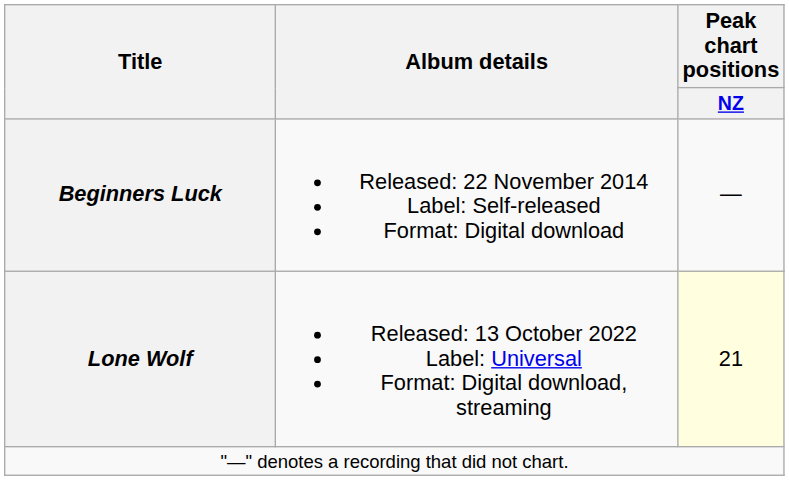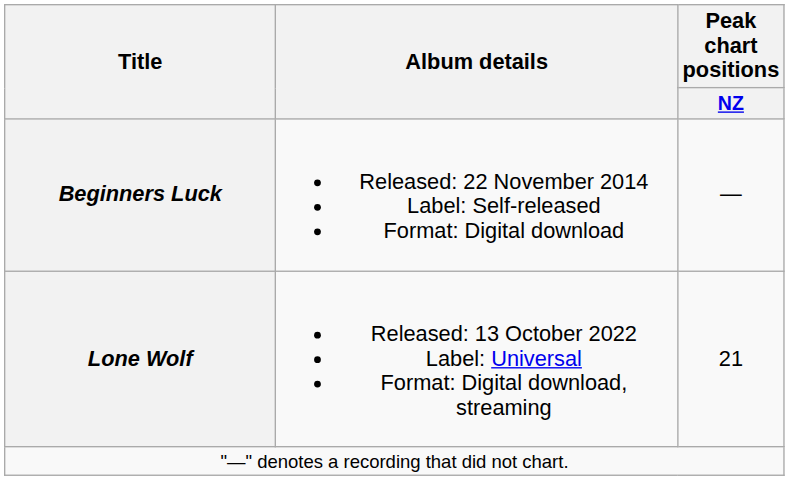 <table class="wikitable plainrowheaders" style="text-align:center;">
 <tr>
 <th scope="col" rowspan="2" style="width:12em;">Title</th>
 <th scope="col" rowspan="2" style="width:18em;">Album details</th>
 <th scope="col" colspan="1">Peak chart positions</th>
 </tr>
 <tr>
 <th scope="col" style="width:3em;font-size:90%;"><a href='#'>NZ</a><br></th>
 </tr>
 <tr>
 <th scope="row"><em>Beginners Luck</em></th>
 <td><br><ul><li>Released: 22 November 2014</li><li>Label: Self-released</li><li>Format: Digital download</li></ul></td>
 <td>—</td>
 </tr>
 <tr>
 <th scope="row"><em>Lone Wolf</em></th>
 <td><br><ul><li>Released: 13 October 2022</li><li>Label: <a href='#'>Universal</a></li><li>Format: Digital download, streaming</li></ul></td>
-<td style="background: lightyellow;">21</td>
+<td>21</td>
 </tr>
 <tr>
 <td colspan="8" style="font-size:85%;">"—" denotes a recording that did not chart.</td>
 </tr>
 </table>
